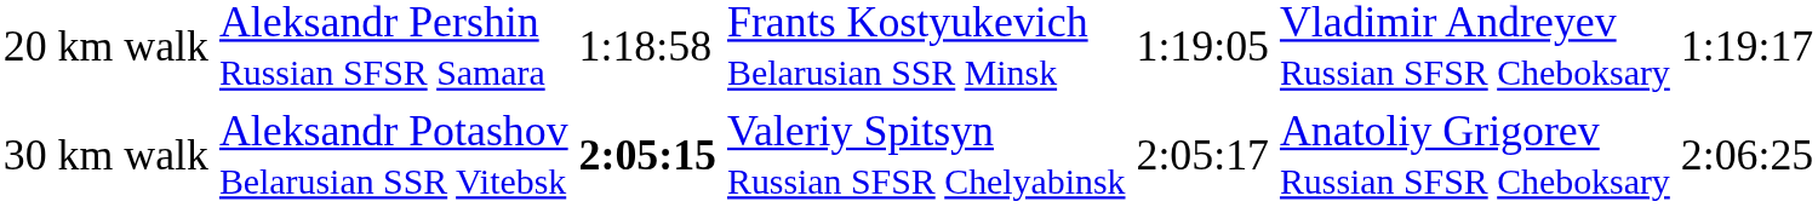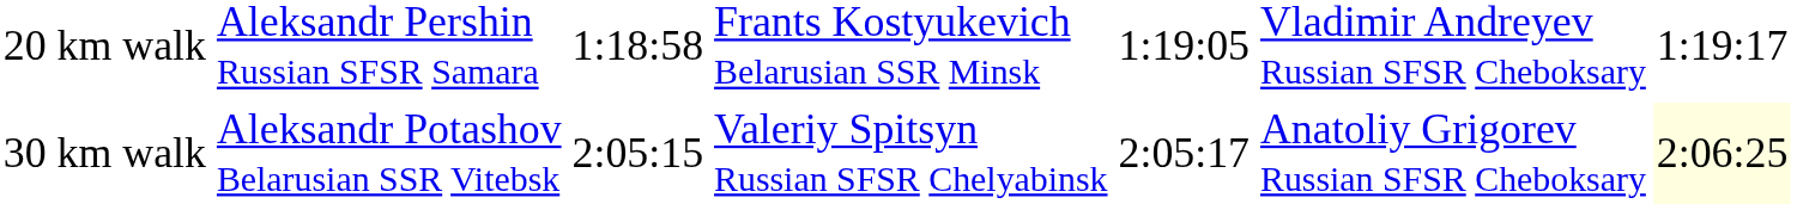 <table>
 <tr>
 <td>20 km walk</td>
 <td><a href='#'>Aleksandr Pershin</a><br><small><a href='#'>Russian SFSR</a> <a href='#'>Samara</a></small></td>
 <td>1:18:58</td>
 <td><a href='#'>Frants Kostyukevich</a><br><small><a href='#'>Belarusian SSR</a> <a href='#'>Minsk</a></small></td>
 <td>1:19:05</td>
 <td><a href='#'>Vladimir Andreyev</a><br><small><a href='#'>Russian SFSR</a> <a href='#'>Cheboksary</a></small></td>
 <td>1:19:17</td>
 </tr>
 <tr>
 <td>30 km walk</td>
 <td><a href='#'>Aleksandr Potashov</a><br><small><a href='#'>Belarusian SSR</a> <a href='#'>Vitebsk</a></small></td>
-<td><strong>2:05:15</strong></td>
+<td>2:05:15</td>
 <td><a href='#'>Valeriy Spitsyn</a><br><small><a href='#'>Russian SFSR</a> <a href='#'>Chelyabinsk</a></small></td>
 <td>2:05:17</td>
 <td><a href='#'>Anatoliy Grigorev</a><br><small><a href='#'>Russian SFSR</a> <a href='#'>Cheboksary</a></small></td>
-<td>2:06:25</td>
+<td style="background: lightyellow;">2:06:25</td>
 </tr>
 </table>
